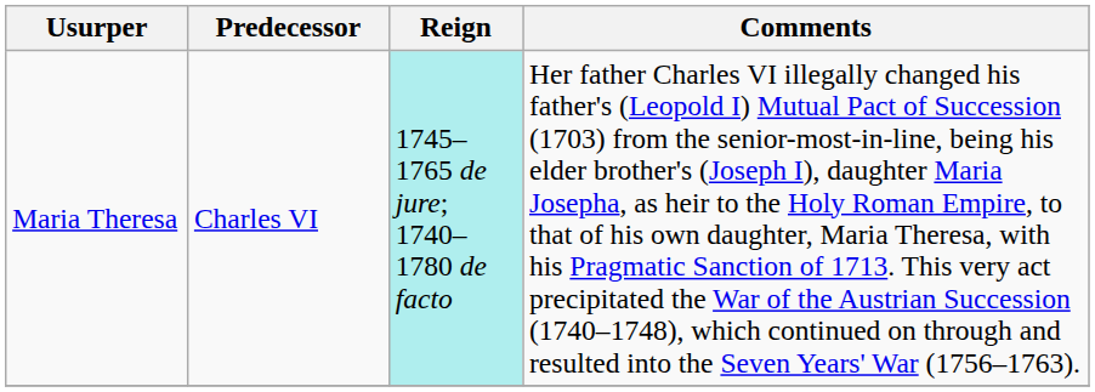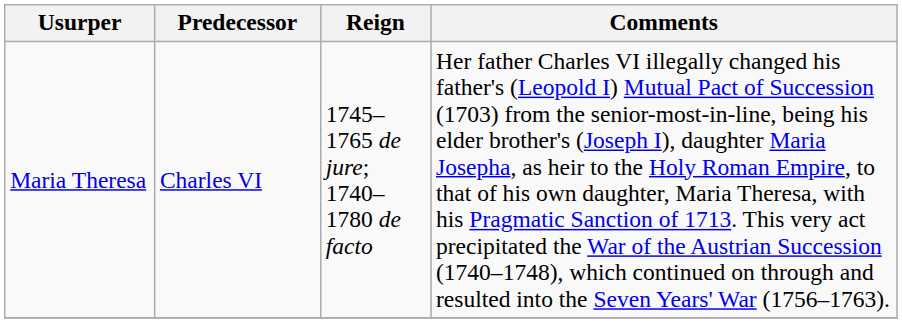 <table class="wikitable">
 <tr>
 <th width="125">Usurper</th>
 <th width="125">Predecessor</th>
 <th width="90">Reign</th>
 <th width="500">Comments</th>
 </tr>
 <tr>
 <td><a href='#'>Maria Theresa</a></td>
 <td><a href='#'>Charles VI</a></td>
-<td style="background: paleturquoise;">1745–1765 <em>de jure</em>; 1740–1780 <em>de facto</em></td>
+<td>1745–1765 <em>de jure</em>; 1740–1780 <em>de facto</em></td>
 <td>Her father Charles VI illegally changed his father's (<a href='#'>Leopold I</a>) <a href='#'>Mutual Pact of Succession</a> (1703) from the senior-most-in-line, being his elder brother's (<a href='#'>Joseph I</a>), daughter <a href='#'>Maria Josepha</a>, as heir to the <a href='#'>Holy Roman Empire</a>, to that of his own daughter, Maria Theresa, with his <a href='#'>Pragmatic Sanction of 1713</a>. This very act precipitated the <a href='#'>War of the Austrian Succession</a> (1740–1748), which continued on through and resulted into the <a href='#'>Seven Years' War</a> (1756–1763).</td>
 </tr>
 <tr>
 </tr>
 </table>
